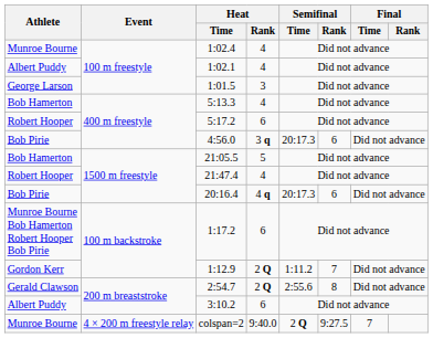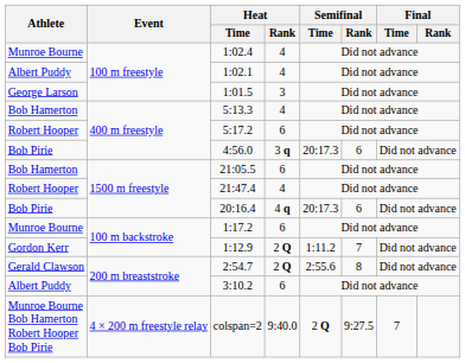 <table class=wikitable style="font-size:90%;">
 <tr>
 <th rowspan=2>Athlete</th>
 <th rowspan=2>Event</th>
 <th colspan=2>Heat</th>
 <th colspan=2>Semifinal</th>
 <th colspan=2>Final</th>
 </tr>
 <tr style="font-size:95%">
 <th>Time</th>
 <th>Rank</th>
 <th>Time</th>
 <th>Rank</th>
 <th>Time</th>
 <th>Rank</th>
 </tr>
 <tr align=center>
 <td align=left><a href='#'>Munroe Bourne</a></td>
 <td rowspan=3 align=left><a href='#'>100 m freestyle</a></td>
 <td>1:02.4</td>
 <td>4</td>
 <td colspan=4>Did not advance</td>
 </tr>
 <tr align=center>
 <td align=left><a href='#'>Albert Puddy</a></td>
 <td>1:02.1</td>
 <td>4</td>
 <td colspan=4>Did not advance</td>
 </tr>
 <tr align=center>
 <td align=left><a href='#'>George Larson</a></td>
 <td>1:01.5</td>
 <td>3</td>
 <td colspan=4>Did not advance</td>
 </tr>
 <tr align=center>
 <td align=left><a href='#'>Bob Hamerton</a></td>
 <td rowspan=3 align=left><a href='#'>400 m freestyle</a></td>
 <td>5:13.3</td>
 <td>4</td>
 <td colspan=4>Did not advance</td>
 </tr>
 <tr align=center>
 <td align=left><a href='#'>Robert Hooper</a></td>
 <td>5:17.2</td>
 <td>6</td>
 <td colspan=4>Did not advance</td>
 </tr>
 <tr align=center>
 <td align=left><a href='#'>Bob Pirie</a></td>
 <td>4:56.0</td>
 <td>3 <strong>q</strong></td>
 <td>20:17.3</td>
 <td>6</td>
 <td colspan=2>Did not advance</td>
 </tr>
 <tr align=center>
 <td align=left><a href='#'>Bob Hamerton</a></td>
 <td rowspan=3 align=left><a href='#'>1500 m freestyle</a></td>
 <td>21:05.5</td>
-<td>5</td>
+<td>6</td>
 <td colspan=4>Did not advance</td>
 </tr>
 <tr align=center>
 <td align=left><a href='#'>Robert Hooper</a></td>
 <td>21:47.4</td>
 <td>4</td>
 <td colspan=4>Did not advance</td>
 </tr>
 <tr align=center>
 <td align=left><a href='#'>Bob Pirie</a></td>
 <td>20:16.4</td>
 <td>4 <strong>q</strong></td>
 <td>20:17.3</td>
 <td>6</td>
 <td colspan=2>Did not advance</td>
 </tr>
 <tr align=center>
-<td align=left><a href='#'>Munroe Bourne</a><br><a href='#'>Bob Hamerton</a><br><a href='#'>Robert Hooper</a><br><a href='#'>Bob Pirie</a></td>
+<td align=left><a href='#'>Munroe Bourne</a></td>
 <td rowspan=2 align=left><a href='#'>100 m backstroke</a></td>
 <td>1:17.2</td>
 <td>6</td>
 <td colspan=4>Did not advance</td>
 </tr>
 <tr align=center>
 <td align=left><a href='#'>Gordon Kerr</a></td>
 <td>1:12.9</td>
 <td>2 <strong>Q</strong></td>
 <td>1:11.2</td>
 <td>7</td>
 <td colspan=2>Did not advance</td>
 </tr>
 <tr align=center>
 <td align=left><a href='#'>Gerald Clawson</a></td>
 <td rowspan=2 align=left><a href='#'>200 m breaststroke</a></td>
 <td>2:54.7</td>
 <td>2 <strong>Q</strong></td>
 <td>2:55.6</td>
 <td>8</td>
 <td colspan=2>Did not advance</td>
 </tr>
 <tr align=center>
 <td align=left><a href='#'>Albert Puddy</a></td>
 <td>3:10.2</td>
 <td>6</td>
 <td colspan=4>Did not advance</td>
 </tr>
 <tr align=center>
-<td align=left><a href='#'>Munroe Bourne</a></td>
+<td align=left><a href='#'>Munroe Bourne</a><br><a href='#'>Bob Hamerton</a><br><a href='#'>Robert Hooper</a><br><a href='#'>Bob Pirie</a></td>
 <td rowspan=2 align=left><a href='#'>4 × 200 m freestyle relay</a></td>
 <td>colspan=2 </td>
 <td>9:40.0</td>
 <td>2 <strong>Q</strong></td>
 <td>9:27.5</td>
 <td>7</td>
 </tr>
 </table>
